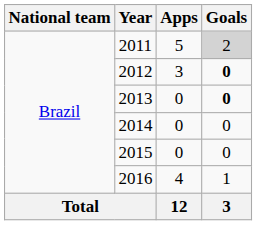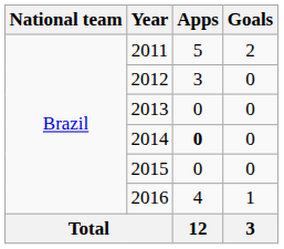 <table class="wikitable" style="text-align:center">
 <tr>
 <th>National team</th>
 <th>Year</th>
 <th>Apps</th>
 <th>Goals</th>
 </tr>
 <tr>
 <td rowspan="6"><a href='#'>Brazil</a></td>
 <td>2011</td>
 <td>5</td>
-<td style="background: lightgrey;">2</td>
+<td>2</td>
 </tr>
 <tr>
 <td>2012</td>
 <td>3</td>
-<td><strong>0</strong></td>
+<td>0</td>
 </tr>
 <tr>
 <td>2013</td>
 <td>0</td>
-<td><strong>0</strong></td>
+<td>0</td>
 </tr>
 <tr>
 <td>2014</td>
-<td>0</td>
+<td><strong>0</strong></td>
 <td>0</td>
 </tr>
 <tr>
 <td>2015</td>
 <td>0</td>
 <td>0</td>
 </tr>
 <tr>
 <td>2016</td>
 <td>4</td>
 <td>1</td>
 </tr>
 <tr>
 <th colspan="2">Total</th>
 <th>12</th>
 <th>3</th>
 </tr>
 </table>
